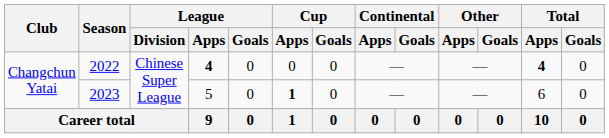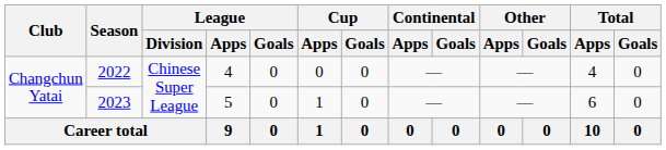 <table class=wikitable style=text-align:center>
 <tr>
 <th rowspan=2>Club</th>
 <th rowspan=2>Season</th>
 <th colspan=3>League</th>
 <th colspan=2>Cup</th>
 <th colspan=2>Continental</th>
 <th colspan=2>Other</th>
 <th colspan=2>Total</th>
 </tr>
 <tr>
 <th>Division</th>
 <th>Apps</th>
 <th>Goals</th>
 <th>Apps</th>
 <th>Goals</th>
 <th>Apps</th>
 <th>Goals</th>
 <th>Apps</th>
 <th>Goals</th>
 <th>Apps</th>
 <th>Goals</th>
 </tr>
 <tr>
 <td rowspan="2"><a href='#'>Changchun Yatai</a></td>
 <td><a href='#'>2022</a></td>
 <td rowspan="2"><a href='#'>Chinese Super League</a></td>
-<td><strong>4</strong></td>
+<td>4</td>
 <td>0</td>
 <td>0</td>
 <td>0</td>
 <td colspan="2">—</td>
 <td colspan="2">—</td>
-<td><strong>4</strong></td>
+<td>4</td>
 <td>0</td>
 </tr>
 <tr>
 <td><a href='#'>2023</a></td>
 <td>5</td>
 <td>0</td>
-<td><strong>1</strong></td>
+<td>1</td>
 <td>0</td>
 <td colspan="2">—</td>
 <td colspan="2">—</td>
 <td>6</td>
 <td>0</td>
 </tr>
 <tr>
 <th colspan=3>Career total</th>
 <th>9</th>
 <th>0</th>
 <th>1</th>
 <th>0</th>
 <th>0</th>
 <th>0</th>
 <th>0</th>
 <th>0</th>
 <th>10</th>
 <th>0</th>
 </tr>
 </table>
